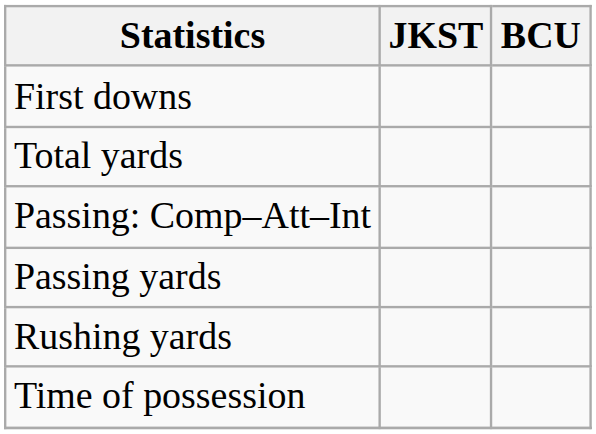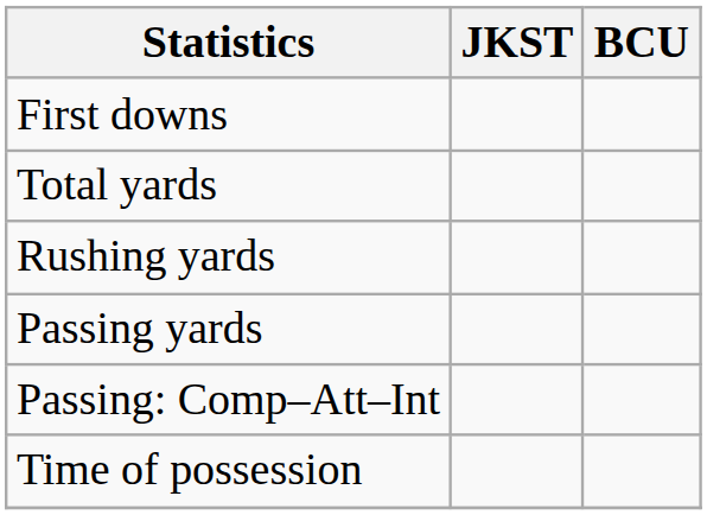 <table class="wikitable" style="float: left;">
 <tr>
 <th>Statistics</th>
 <th>JKST</th>
 <th>BCU</th>
 </tr>
 <tr>
 <td>First downs</td>
 <td></td>
 <td></td>
 </tr>
 <tr>
 <td>Total yards</td>
 <td></td>
 <td></td>
 </tr>
 <tr>
-<td>Passing: Comp–Att–Int</td>
+<td>Rushing yards</td>
 <td></td>
 <td></td>
 </tr>
 <tr>
 <td>Passing yards</td>
 <td></td>
 <td></td>
 </tr>
 <tr>
-<td>Rushing yards</td>
+<td>Passing: Comp–Att–Int</td>
 <td></td>
 <td></td>
 </tr>
 <tr>
 <td>Time of possession</td>
 <td></td>
 <td></td>
 </tr>
 <tr>
 </tr>
 </table>
